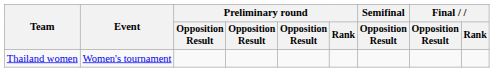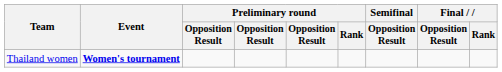 <table class=wikitable style=font-size:90%>
 <tr>
 <th rowspan=2>Team</th>
 <th rowspan=2>Event</th>
 <th colspan=4>Preliminary round</th>
 <th>Semifinal</th>
 <th colspan=2>Final /  / </th>
 </tr>
 <tr style=font-size:95%>
 <th>Opposition<br>Result</th>
 <th>Opposition<br>Result</th>
 <th>Opposition<br>Result</th>
 <th>Rank</th>
 <th>Opposition<br>Result</th>
 <th>Opposition<br>Result</th>
 <th>Rank</th>
 </tr>
 <tr align=center>
 <td align=left><a href='#'>Thailand women</a></td>
-<td align=left><a href='#'>Women's tournament</a></td>
+<td align=left><strong><a href='#'>Women's tournament</a></strong></td>
 <td></td>
 <td></td>
 <td></td>
 <td></td>
 <td></td>
 <td></td>
 <td></td>
 </tr>
 </table>
